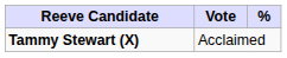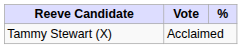 <table class="wikitable">
 <tr>
 <th style="background:#ddf; width:200px;">Reeve Candidate </th>
 <th style="background:#ddf; width:50px;">Vote</th>
 <th style="background:#ddf; width:30px;">%</th>
 </tr>
 <tr>
-<td><strong>Tammy Stewart (X)</strong></td>
+<td>Tammy Stewart (X)</td>
 <td colspan="2">Acclaimed</td>
 </tr>
 </table>
